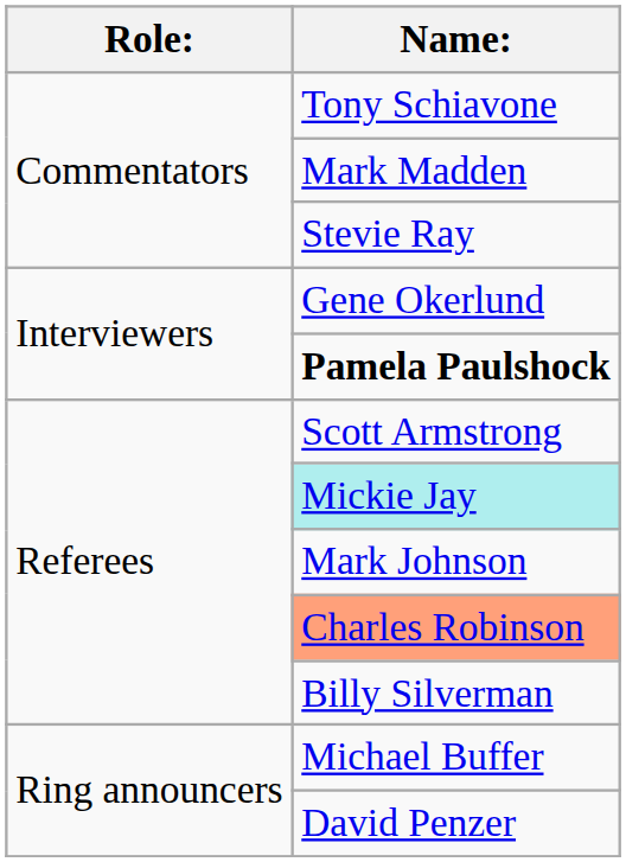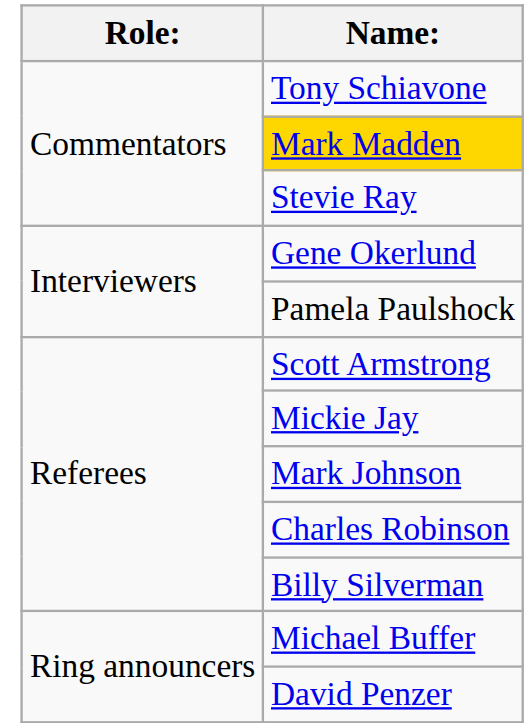 <table class=wikitable style="font-size:90%; margin: 0.5em 0 0.5em 1em; float: right; clear: right;">
 <tr>
 <th>Role:</th>
 <th>Name:</th>
 </tr>
 <tr>
 <td rowspan=3>Commentators</td>
 <td><a href='#'>Tony Schiavone</a></td>
 </tr>
 <tr>
-<td><a href='#'>Mark Madden</a></td>
+<td style="background: gold;"><a href='#'>Mark Madden</a></td>
 </tr>
 <tr>
 <td><a href='#'>Stevie Ray</a></td>
 </tr>
 <tr>
 <td rowspan=2>Interviewers</td>
 <td><a href='#'>Gene Okerlund</a></td>
 </tr>
 <tr>
-<td><strong>Pamela Paulshock</strong></td>
+<td>Pamela Paulshock</td>
 </tr>
 <tr>
 <td rowspan=5>Referees</td>
 <td><a href='#'>Scott Armstrong</a></td>
 </tr>
 <tr>
-<td style="background: paleturquoise;"><a href='#'>Mickie Jay</a></td>
+<td><a href='#'>Mickie Jay</a></td>
 </tr>
 <tr>
 <td><a href='#'>Mark Johnson</a></td>
 </tr>
 <tr>
-<td style="background: lightsalmon;"><a href='#'>Charles Robinson</a></td>
+<td><a href='#'>Charles Robinson</a></td>
 </tr>
 <tr>
 <td><a href='#'>Billy Silverman</a></td>
 </tr>
 <tr>
 <td rowspan=2>Ring announcers</td>
 <td><a href='#'>Michael Buffer</a></td>
 </tr>
 <tr>
 <td><a href='#'>David Penzer</a></td>
 </tr>
 </table>
